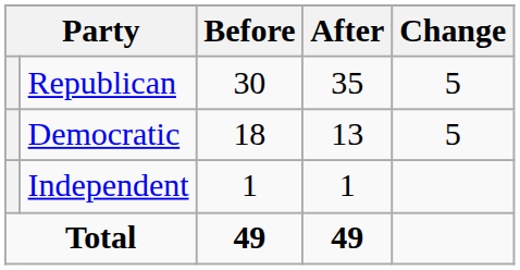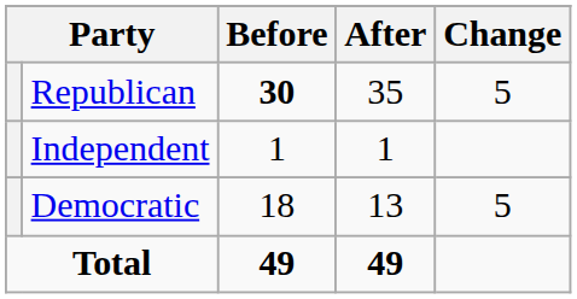 <table class="wikitable" style="text-align:center;">
 <tr>
 </tr>
 <tr>
 <th colspan=2>Party</th>
 <th>Before</th>
 <th>After</th>
 <th>Change</th>
 </tr>
 <tr>
 <th style="background-color:"></th>
 <td style="text-align:left;"><a href='#'>Republican</a></td>
-<td>30</td>
+<td><strong>30</strong></td>
 <td>35</td>
-<td> 5</td>
-</tr>
-<tr>
-<th style="background-color:"></th>
-<td style="text-align:left;"><a href='#'>Democratic</a></td>
-<td>18</td>
-<td>13</td>
 <td> 5</td>
 </tr>
 <tr>
 <th style="background-color:"></th>
 <td style="text-align:left;"><a href='#'>Independent</a></td>
 <td>1</td>
 <td>1</td>
 <td></td>
 </tr>
 <tr>
+<th style="background-color:"></th>
+<td style="text-align:left;"><a href='#'>Democratic</a></td>
+<td>18</td>
+<td>13</td>
+<td> 5</td>
+</tr>
+<tr>
 <td colspan=2><strong>Total</strong></td>
 <td><strong>49</strong></td>
 <td><strong>49</strong></td>
 <td></td>
 </tr>
 </table>
